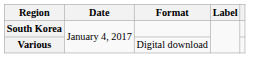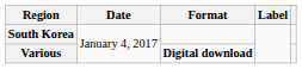 <table class="wikitable plainrowheaders">
 <tr>
 <th>Region</th>
 <th>Date</th>
 <th>Format</th>
 <th>Label</th>
 <th></th>
 </tr>
 <tr>
 <th scope="row">South Korea</th>
 <td rowspan=2>January 4, 2017</td>
 <td></td>
 <td rowspan=2></td>
 <td align=center></td>
 </tr>
 <tr>
 <th scope="row">Various</th>
-<td>Digital download</td>
+<td><strong>Digital download</strong></td>
 <td align=center></td>
 </tr>
 </table>
